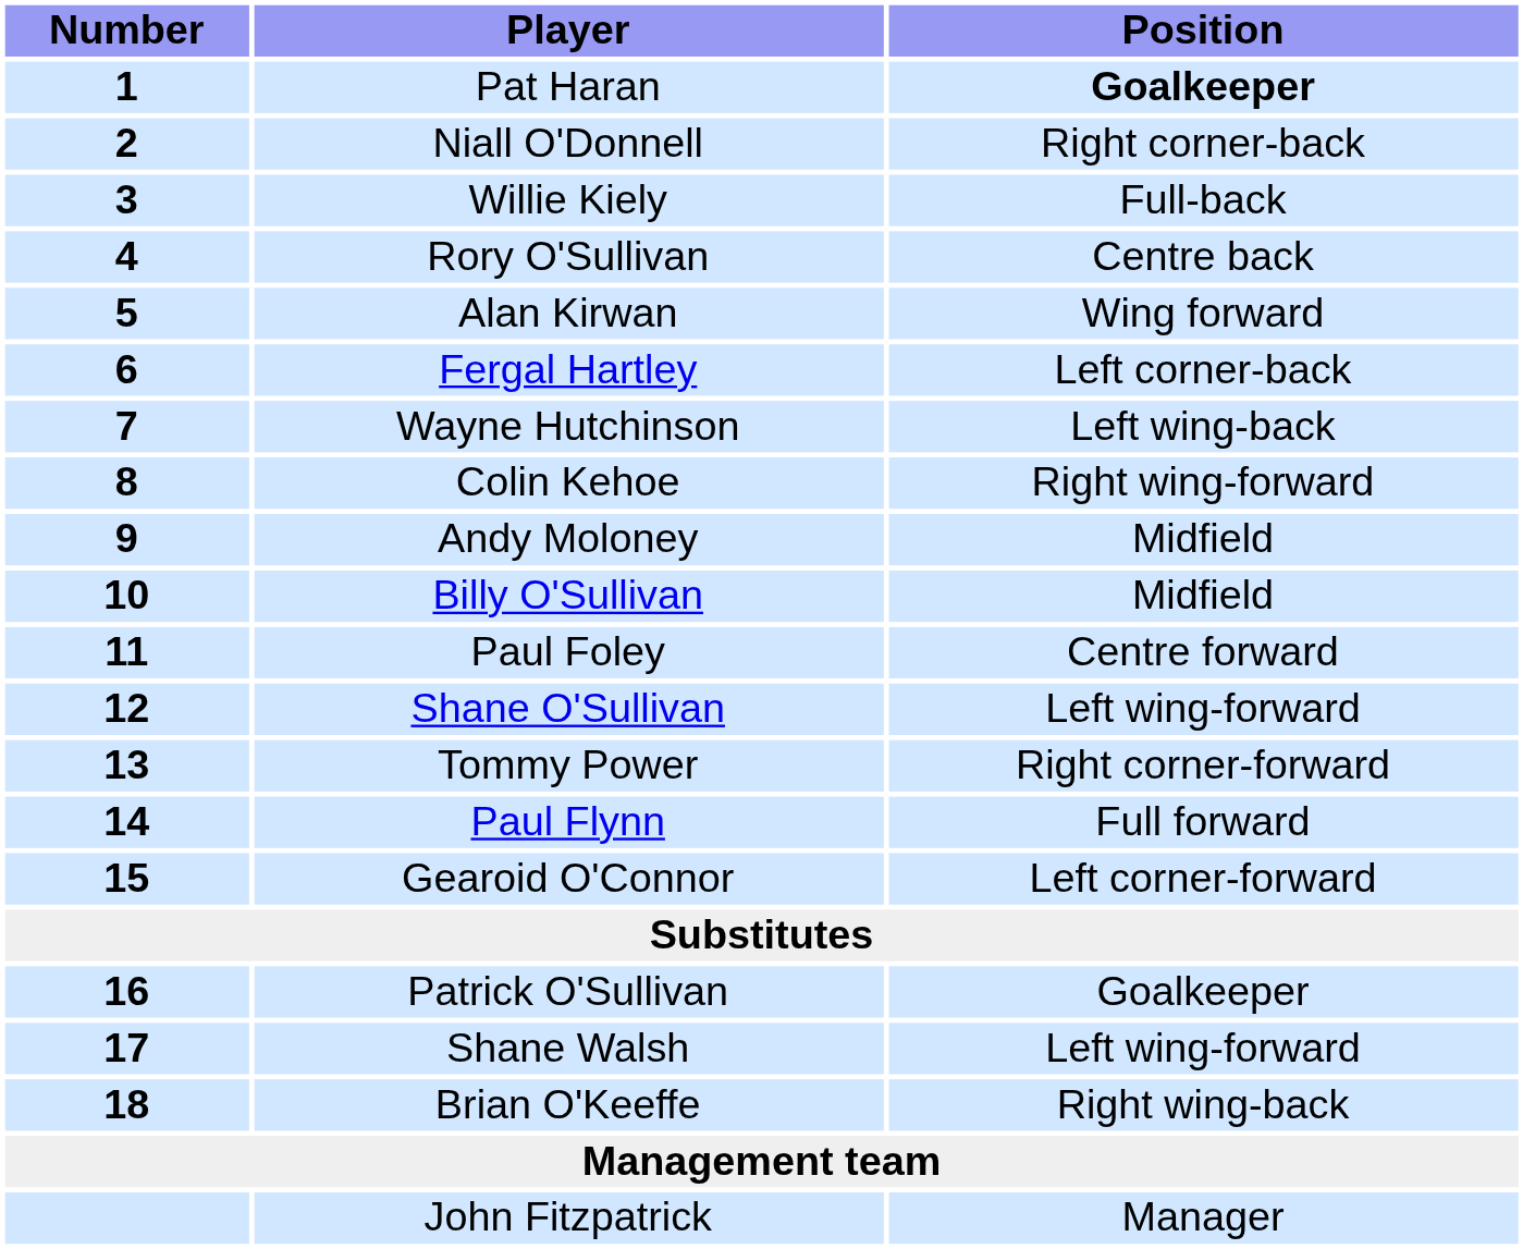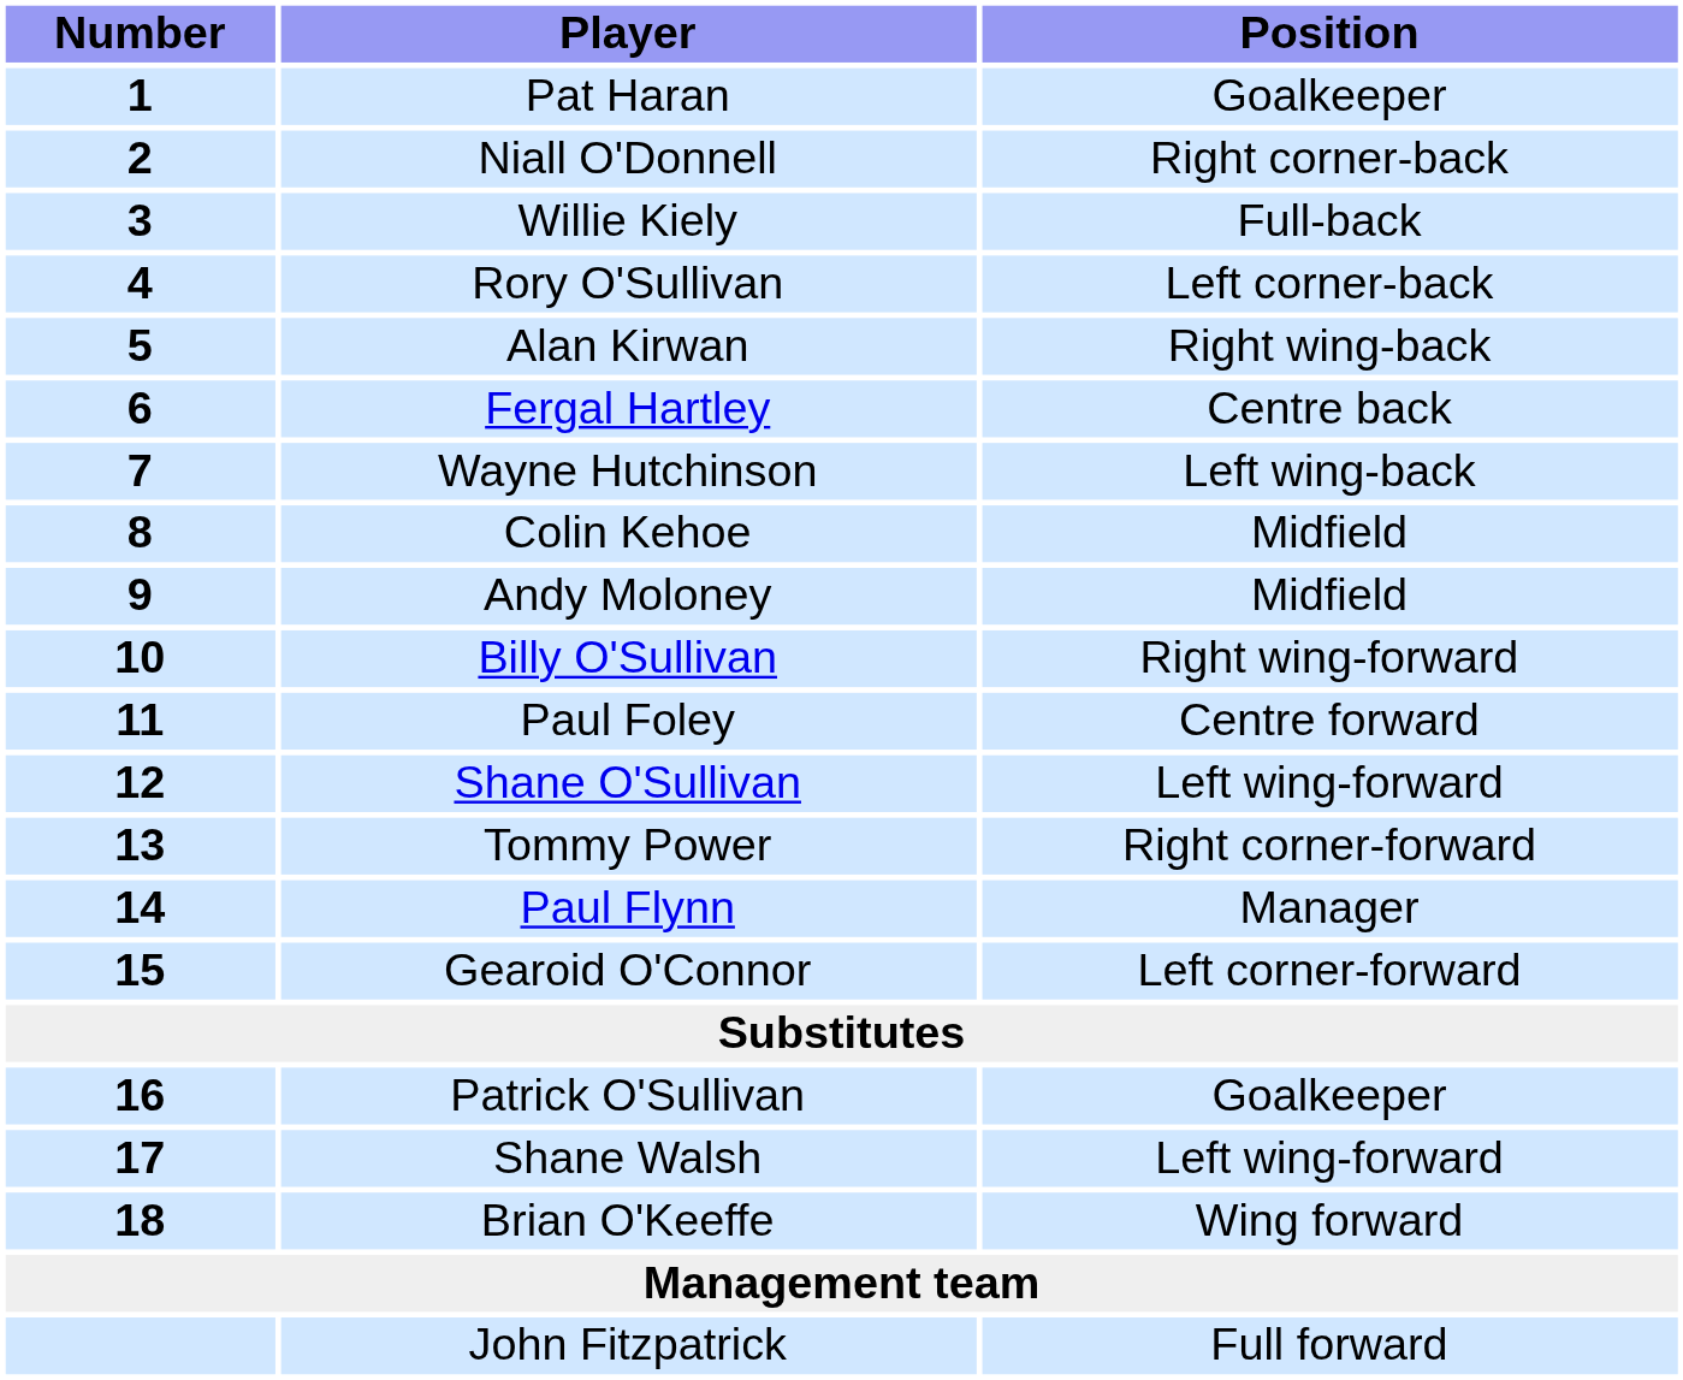 <table width=95%>
 <tr bgcolor=#9799F3>
 <th width=5%>Number</th>
 <th width=20%>Player</th>
 <th width=20%>Position</th>
 </tr>
 <tr bgcolor=#D0E7FF>
 <td align=center><strong>1</strong></td>
 <td align=center>Pat Haran</td>
-<td align=center><strong>Goalkeeper</strong></td>
+<td align=center>Goalkeeper</td>
 </tr>
 <tr bgcolor=#D0E7FF>
 <td align=center><strong>2</strong></td>
 <td align=center>Niall O'Donnell</td>
 <td align=center>Right corner-back</td>
 </tr>
 <tr bgcolor=#D0E7FF>
 <td align=center><strong>3</strong></td>
 <td align=center>Willie Kiely</td>
 <td align=center>Full-back</td>
 </tr>
 <tr bgcolor=#D0E7FF>
 <td align=center><strong>4</strong></td>
 <td align=center>Rory O'Sullivan</td>
-<td align=center>Centre back</td>
+<td align=center>Left corner-back</td>
 </tr>
 <tr bgcolor=#D0E7FF>
 <td align=center><strong>5</strong></td>
 <td align=center>Alan Kirwan</td>
-<td align=center>Wing forward</td>
+<td align=center>Right wing-back</td>
 </tr>
 <tr bgcolor=#D0E7FF>
 <td align=center><strong>6</strong></td>
 <td align=center><a href='#'>Fergal Hartley</a></td>
-<td align=center>Left corner-back</td>
+<td align=center>Centre back</td>
 </tr>
 <tr bgcolor=#D0E7FF>
 <td align=center><strong>7</strong></td>
 <td align=center>Wayne Hutchinson</td>
 <td align=center>Left wing-back</td>
 </tr>
 <tr bgcolor=#D0E7FF>
 <td align=center><strong>8</strong></td>
 <td align=center>Colin Kehoe</td>
-<td align=center>Right wing-forward</td>
+<td align=center>Midfield</td>
 </tr>
 <tr bgcolor=#D0E7FF>
 <td align=center><strong>9</strong></td>
 <td align=center>Andy Moloney</td>
 <td align=center>Midfield</td>
 </tr>
 <tr bgcolor=#D0E7FF>
 <td align=center><strong>10</strong></td>
 <td align=center><a href='#'>Billy O'Sullivan</a></td>
-<td align=center>Midfield</td>
+<td align=center>Right wing-forward</td>
 </tr>
 <tr bgcolor=#D0E7FF>
 <td align=center><strong>11</strong></td>
 <td align=center>Paul Foley</td>
 <td align=center>Centre forward</td>
 </tr>
 <tr bgcolor=#D0E7FF>
 <td align=center><strong>12</strong></td>
 <td align=center><a href='#'>Shane O'Sullivan</a></td>
 <td align=center>Left wing-forward</td>
 </tr>
 <tr bgcolor=#D0E7FF>
 <td align=center><strong>13</strong></td>
 <td align=center>Tommy Power</td>
 <td align=center>Right corner-forward</td>
 </tr>
 <tr bgcolor=#D0E7FF>
 <td align=center><strong>14</strong></td>
 <td align=center><a href='#'>Paul Flynn</a></td>
-<td align=center>Full forward</td>
+<td align=center>Manager</td>
 </tr>
 <tr bgcolor=#D0E7FF>
 <td align=center><strong>15</strong></td>
 <td align=center>Gearoid O'Connor</td>
 <td align=center>Left corner-forward</td>
 </tr>
 <tr>
 <th colspan=6 bgcolor=#EFEFEF>Substitutes</th>
 </tr>
 <tr bgcolor=#D0E7FF>
 <td align=center><strong>16</strong></td>
 <td align=center>Patrick O'Sullivan</td>
 <td align=center>Goalkeeper</td>
 </tr>
 <tr bgcolor=#D0E7FF>
 <td align=center><strong>17</strong></td>
 <td align=center>Shane Walsh</td>
 <td align=center>Left wing-forward</td>
 </tr>
 <tr bgcolor=#D0E7FF>
 <td align=center><strong>18</strong></td>
 <td align=center>Brian O'Keeffe</td>
-<td align=center>Right wing-back</td>
+<td align=center>Wing forward</td>
 </tr>
 <tr>
 <th colspan=6 bgcolor=#EFEFEF>Management team</th>
 </tr>
 <tr bgcolor=#D0E7FF>
 <td align=center></td>
 <td align=center>John Fitzpatrick</td>
-<td align=center>Manager</td>
+<td align=center>Full forward</td>
 </tr>
 </table>
